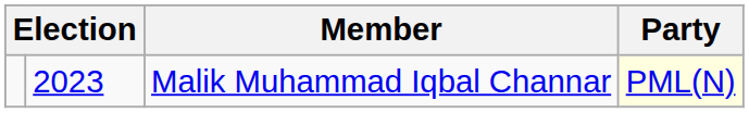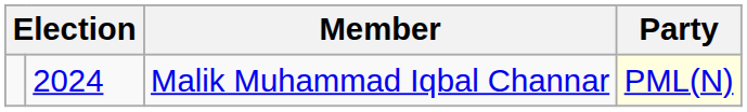 <table class="wikitable">
 <tr>
 <th colspan="2">Election</th>
 <th>Member</th>
 <th>Party</th>
 </tr>
 <tr>
 <td style="background-color: "></td>
-<td><a href='#'>2023</a></td>
+<td><a href='#'>2024</a></td>
 <td><a href='#'>Malik Muhammad Iqbal Channar</a></td>
 <td style="background: lightyellow;"><a href='#'>PML(N)</a></td>
 </tr>
 </table>
